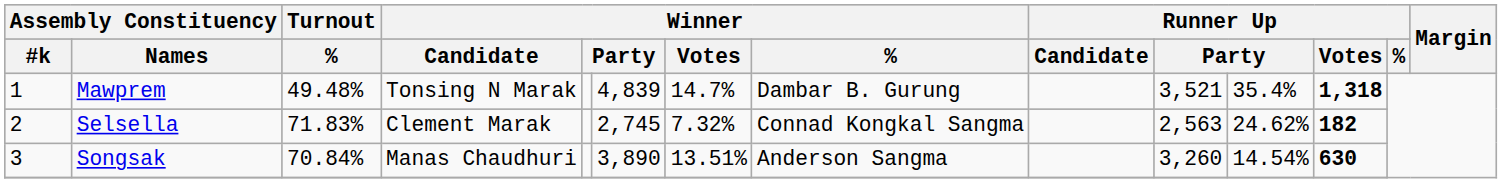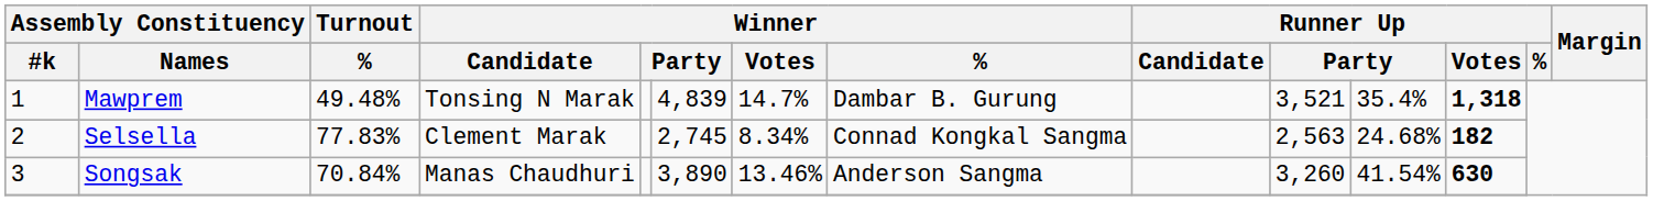 <table class="wikitable sortable">
 <tr>
 <th colspan="2">Assembly Constituency</th>
 <th>Turnout</th>
 <th colspan="5">Winner</th>
 <th colspan="5">Runner Up</th>
 <th rowspan="2" data-sort-type=number>Margin</th>
 </tr>
 <tr>
 <th>#k</th>
 <th>Names</th>
 <th>%</th>
 <th>Candidate</th>
 <th colspan="2">Party</th>
 <th data-sort-type=number>Votes</th>
 <th>%</th>
 <th>Candidate</th>
 <th colspan="2">Party</th>
 <th data-sort-type=number>Votes</th>
 <th>%</th>
 </tr>
 <tr>
 <td>1</td>
 <td><a href='#'>Mawprem</a></td>
 <td>49.48%</td>
 <td>Tonsing N Marak</td>
 <td></td>
 <td>4,839</td>
 <td>14.7%</td>
 <td>Dambar B. Gurung</td>
 <td></td>
 <td>3,521</td>
 <td>35.4%</td>
 <td style="background:"><span><strong>1,318</strong></span></td>
 </tr>
 <tr>
 <td>2</td>
 <td><a href='#'>Selsella</a></td>
-<td>71.83%</td>
+<td>77.83%</td>
 <td>Clement Marak</td>
 <td></td>
 <td>2,745</td>
-<td>7.32%</td>
+<td>8.34%</td>
 <td>Connad Kongkal Sangma</td>
 <td></td>
 <td>2,563</td>
-<td>24.62%</td>
+<td>24.68%</td>
 <td style="background:"><span><strong>182</strong></span></td>
 </tr>
 <tr>
 <td>3</td>
 <td><a href='#'>Songsak</a></td>
 <td>70.84%</td>
 <td>Manas Chaudhuri</td>
 <td></td>
 <td>3,890</td>
-<td>13.51%</td>
+<td>13.46%</td>
 <td>Anderson Sangma</td>
 <td></td>
 <td>3,260</td>
-<td>14.54%</td>
+<td>41.54%</td>
 <td style="background:"><span><strong>630</strong></span></td>
 </tr>
 <tr>
 </tr>
 </table>
